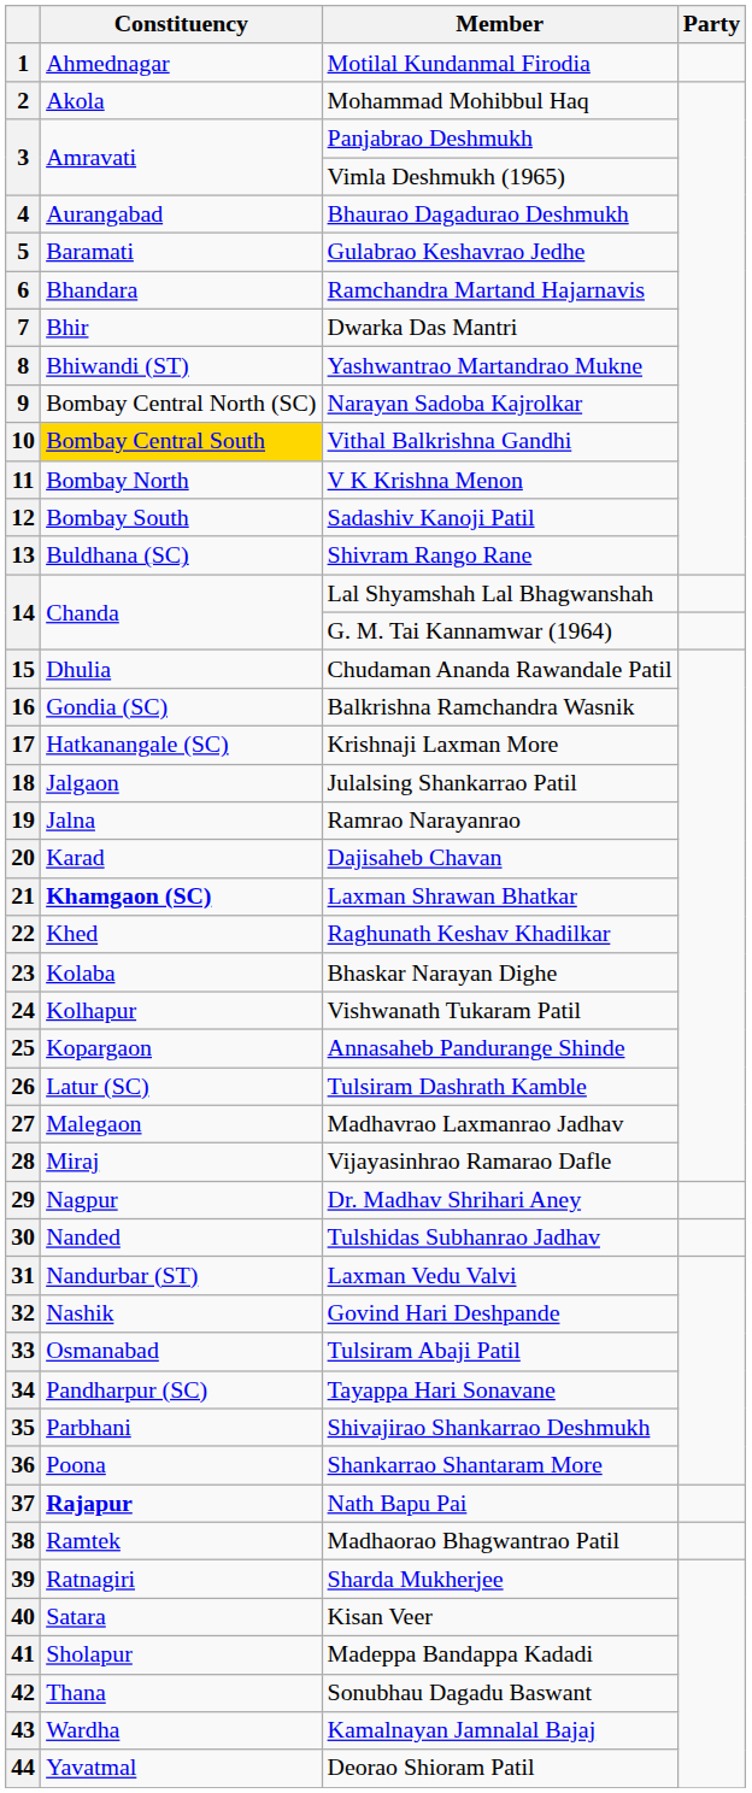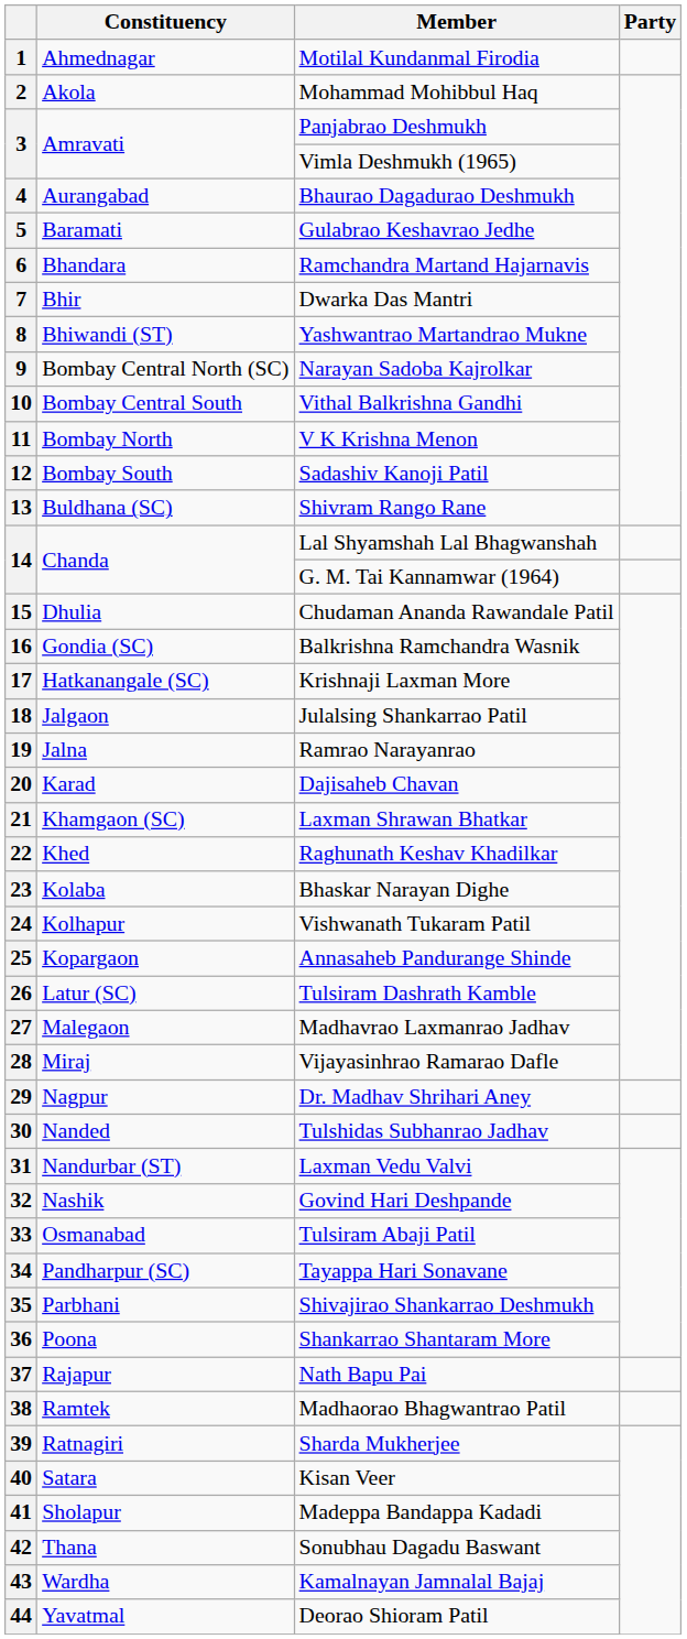 <table class="wikitable sortable">
 <tr>
 <th></th>
 <th>Constituency</th>
 <th>Member</th>
 <th colspan=2>Party</th>
 </tr>
 <tr>
 <th>1</th>
 <td><a href='#'>Ahmednagar</a></td>
 <td><a href='#'>Motilal Kundanmal Firodia</a></td>
 <td></td>
 </tr>
 <tr>
 <th>2</th>
 <td><a href='#'>Akola</a></td>
 <td>Mohammad Mohibbul Haq</td>
 </tr>
 <tr>
 <th rowspan=2>3</th>
 <td rowspan=2><a href='#'>Amravati</a></td>
 <td><a href='#'>Panjabrao Deshmukh</a></td>
 </tr>
 <tr>
 <td>Vimla Deshmukh (1965)</td>
 </tr>
 <tr>
 <th>4</th>
 <td><a href='#'>Aurangabad</a></td>
 <td><a href='#'>Bhaurao Dagadurao Deshmukh</a></td>
 </tr>
 <tr>
 <th>5</th>
 <td><a href='#'>Baramati</a></td>
 <td><a href='#'>Gulabrao Keshavrao Jedhe</a></td>
 </tr>
 <tr>
 <th>6</th>
 <td><a href='#'>Bhandara</a></td>
 <td><a href='#'>Ramchandra Martand Hajarnavis</a></td>
 </tr>
 <tr>
 <th>7</th>
 <td><a href='#'>Bhir</a></td>
 <td>Dwarka Das Mantri</td>
 </tr>
 <tr>
 <th>8</th>
 <td><a href='#'>Bhiwandi (ST)</a></td>
 <td><a href='#'>Yashwantrao Martandrao Mukne</a></td>
 </tr>
 <tr>
 <th>9</th>
 <td>Bombay Central North (SC)</td>
 <td><a href='#'>Narayan Sadoba Kajrolkar</a></td>
 </tr>
 <tr>
 <th>10</th>
-<td style="background: gold;"><a href='#'>Bombay Central South</a></td>
+<td><a href='#'>Bombay Central South</a></td>
 <td><a href='#'>Vithal Balkrishna Gandhi</a></td>
 </tr>
 <tr>
 <th>11</th>
 <td><a href='#'>Bombay North</a></td>
 <td><a href='#'>V K Krishna Menon</a></td>
 </tr>
 <tr>
 <th>12</th>
 <td><a href='#'>Bombay South</a></td>
 <td><a href='#'>Sadashiv Kanoji Patil</a></td>
 </tr>
 <tr>
 <th>13</th>
 <td><a href='#'>Buldhana (SC)</a></td>
 <td><a href='#'>Shivram Rango Rane</a></td>
 </tr>
 <tr>
 <th rowspan=2>14</th>
 <td rowspan=2><a href='#'>Chanda</a></td>
 <td>Lal Shyamshah Lal Bhagwanshah</td>
 <td></td>
 </tr>
 <tr>
 <td>G. M. Tai Kannamwar (1964)</td>
 <td></td>
 </tr>
 <tr>
 <th>15</th>
 <td><a href='#'>Dhulia</a></td>
 <td>Chudaman Ananda Rawandale Patil</td>
 </tr>
 <tr>
 <th>16</th>
 <td><a href='#'>Gondia (SC)</a></td>
 <td>Balkrishna Ramchandra Wasnik</td>
 </tr>
 <tr>
 <th>17</th>
 <td><a href='#'>Hatkanangale (SC)</a></td>
 <td>Krishnaji Laxman More</td>
 </tr>
 <tr>
 <th>18</th>
 <td><a href='#'>Jalgaon</a></td>
 <td>Julalsing Shankarrao Patil</td>
 </tr>
 <tr>
 <th>19</th>
 <td><a href='#'>Jalna</a></td>
 <td>Ramrao Narayanrao</td>
 </tr>
 <tr>
 <th>20</th>
 <td><a href='#'>Karad</a></td>
 <td><a href='#'>Dajisaheb Chavan</a></td>
 </tr>
 <tr>
 <th>21</th>
-<td><strong><a href='#'>Khamgaon (SC)</a></strong></td>
+<td><a href='#'>Khamgaon (SC)</a></td>
 <td><a href='#'>Laxman Shrawan Bhatkar</a></td>
 </tr>
 <tr>
 <th>22</th>
 <td><a href='#'>Khed</a></td>
 <td><a href='#'>Raghunath Keshav Khadilkar</a></td>
 </tr>
 <tr>
 <th>23</th>
 <td><a href='#'>Kolaba</a></td>
 <td>Bhaskar Narayan Dighe</td>
 </tr>
 <tr>
 <th>24</th>
 <td><a href='#'>Kolhapur</a></td>
 <td>Vishwanath Tukaram Patil</td>
 </tr>
 <tr>
 <th>25</th>
 <td><a href='#'>Kopargaon</a></td>
 <td><a href='#'>Annasaheb Pandurange Shinde</a></td>
 </tr>
 <tr>
 <th>26</th>
 <td><a href='#'>Latur (SC)</a></td>
 <td><a href='#'>Tulsiram Dashrath Kamble</a></td>
 </tr>
 <tr>
 <th>27</th>
 <td><a href='#'>Malegaon</a></td>
 <td>Madhavrao Laxmanrao Jadhav</td>
 </tr>
 <tr>
 <th>28</th>
 <td><a href='#'>Miraj</a></td>
 <td>Vijayasinhrao Ramarao Dafle</td>
 </tr>
 <tr>
 <th>29</th>
 <td><a href='#'>Nagpur</a></td>
 <td><a href='#'>Dr. Madhav Shrihari Aney</a></td>
 <td></td>
 </tr>
 <tr>
 <th>30</th>
 <td><a href='#'>Nanded</a></td>
 <td><a href='#'>Tulshidas Subhanrao Jadhav</a></td>
 <td></td>
 </tr>
 <tr>
 <th>31</th>
 <td><a href='#'>Nandurbar (ST)</a></td>
 <td><a href='#'>Laxman Vedu Valvi</a></td>
 </tr>
 <tr>
 <th>32</th>
 <td><a href='#'>Nashik</a></td>
 <td><a href='#'>Govind Hari Deshpande</a></td>
 </tr>
 <tr>
 <th>33</th>
 <td><a href='#'>Osmanabad</a></td>
 <td><a href='#'>Tulsiram Abaji Patil</a></td>
 </tr>
 <tr>
 <th>34</th>
 <td><a href='#'>Pandharpur (SC)</a></td>
 <td><a href='#'>Tayappa Hari Sonavane</a></td>
 </tr>
 <tr>
 <th>35</th>
 <td><a href='#'>Parbhani</a></td>
 <td><a href='#'>Shivajirao Shankarrao Deshmukh</a></td>
 </tr>
 <tr>
 <th>36</th>
 <td><a href='#'>Poona</a></td>
 <td><a href='#'>Shankarrao Shantaram More</a></td>
 </tr>
 <tr>
 <th>37</th>
-<td><strong><a href='#'>Rajapur</a></strong></td>
+<td><a href='#'>Rajapur</a></td>
 <td><a href='#'>Nath Bapu Pai</a></td>
 <td></td>
 </tr>
 <tr>
 <th>38</th>
 <td><a href='#'>Ramtek</a></td>
 <td>Madhaorao Bhagwantrao Patil</td>
 <td></td>
 </tr>
 <tr>
 <th>39</th>
 <td><a href='#'>Ratnagiri</a></td>
 <td><a href='#'>Sharda Mukherjee</a></td>
 </tr>
 <tr>
 <th>40</th>
 <td><a href='#'>Satara</a></td>
 <td>Kisan Veer</td>
 </tr>
 <tr>
 <th>41</th>
 <td><a href='#'>Sholapur</a></td>
 <td>Madeppa Bandappa Kadadi</td>
 </tr>
 <tr>
 <th>42</th>
 <td><a href='#'>Thana</a></td>
 <td>Sonubhau Dagadu Baswant</td>
 </tr>
 <tr>
 <th>43</th>
 <td><a href='#'>Wardha</a></td>
 <td><a href='#'>Kamalnayan Jamnalal Bajaj</a></td>
 </tr>
 <tr>
 <th>44</th>
 <td><a href='#'>Yavatmal</a></td>
 <td>Deorao Shioram Patil</td>
 </tr>
 <tr>
 </tr>
 </table>
